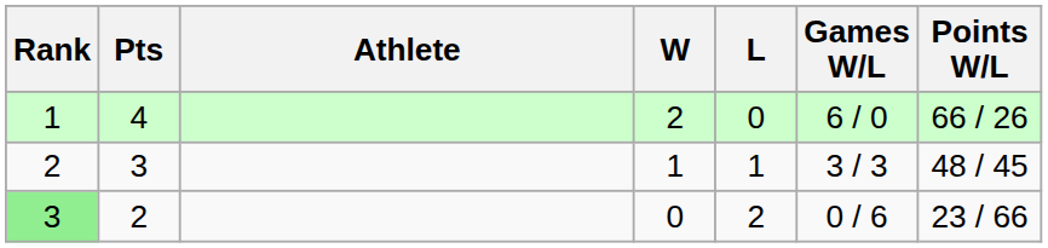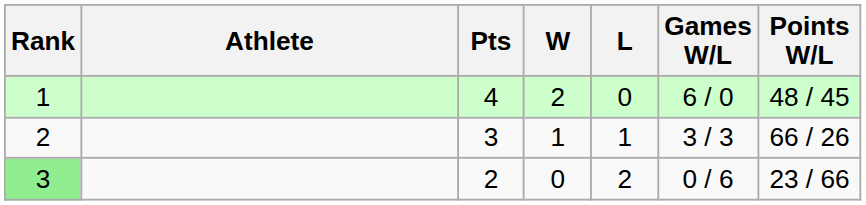 <table class="wikitable" style="text-align: center; font-size:90% ">
 <tr>
 <th width="20">Rank</th>
+<th width="200">Athlete</th>
 <th width="30">Pts</th>
-<th width="200">Athlete</th>
 <th width="30">W</th>
 <th width="30">L</th>
 <th width="40">Games<br>W/L</th>
 <th width="50">Points<br>W/L</th>
 </tr>
 <tr bgcolor=#ccffcc>
 <td>1</td>
+<td align=left></td>
 <td>4</td>
-<td align=left></td>
 <td>2</td>
 <td>0</td>
 <td>6 / 0</td>
+<td>48 / 45</td>
+</tr>
+<tr>
+<td>2</td>
+<td align=left></td>
+<td>3</td>
+<td>1</td>
+<td>1</td>
+<td>3 / 3</td>
 <td>66 / 26</td>
 </tr>
 <tr>
+<td style="background: lightgreen;">3</td>
+<td align=left></td>
 <td>2</td>
-<td>3</td>
-<td align=left></td>
-<td>1</td>
-<td>1</td>
-<td>3 / 3</td>
-<td>48 / 45</td>
-</tr>
-<tr>
-<td style="background: lightgreen;">3</td>
-<td>2</td>
-<td align=left></td>
 <td>0</td>
 <td>2</td>
 <td>0 / 6</td>
 <td>23 / 66</td>
 </tr>
 </table>
